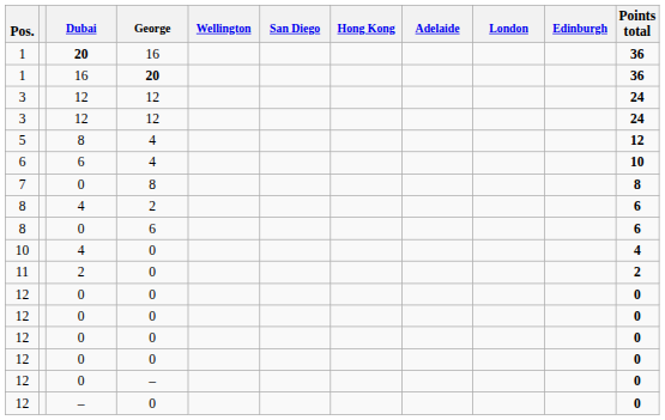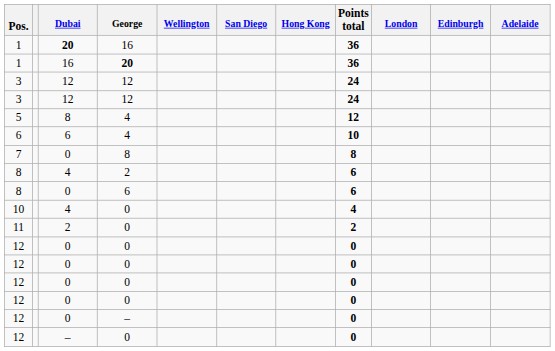 <table class="wikitable" style="text-align:center;">
 <tr>
 <th style="width:2em;"><br>Pos.</th>
 <th></th>
 <th style="width:5.6em; vertical-align:top; font-size:85%;"><br><a href='#'>Dubai</a></th>
 <th style="width:5.6em; vertical-align:top; font-size:85%;"><br>George</th>
 <th style="width:5.6em; vertical-align:top; font-size:85%;"><br><a href='#'>Wellington</a></th>
 <th style="width:5.6em; vertical-align:top; font-size:85%;"><br><a href='#'>San Diego</a></th>
 <th style="width:5.6em; vertical-align:top; font-size:85%;"><br><a href='#'>Hong Kong</a></th>
-<th style="width:5.6em; vertical-align:top; font-size:85%;"><br><a href='#'>Adelaide</a></th>
+<th>Points<br>total</th>
 <th style="width:5.6em; vertical-align:top; font-size:85%;"><br><a href='#'>London</a></th>
 <th style="width:5.6em; vertical-align:top; font-size:85%;"><br><a href='#'>Edinburgh</a></th>
-<th>Points<br>total</th>
+<th style="width:5.6em; vertical-align:top; font-size:85%;"><br><a href='#'>Adelaide</a></th>
 </tr>
 <tr>
 <td>1</td>
 <td align=left></td>
 <td><strong>20</strong></td>
 <td>16</td>
 <td></td>
 <td></td>
 <td></td>
+<td><strong>36</strong></td>
 <td></td>
 <td></td>
 <td></td>
-<td><strong>36</strong></td>
 </tr>
 <tr>
 <td>1</td>
 <td align=left></td>
 <td>16</td>
 <td><strong>20</strong></td>
 <td></td>
 <td></td>
 <td></td>
+<td><strong>36</strong></td>
 <td></td>
 <td></td>
 <td></td>
-<td><strong>36</strong></td>
 </tr>
 <tr>
 <td>3</td>
 <td align=left></td>
 <td>12</td>
 <td>12</td>
 <td></td>
 <td></td>
 <td></td>
+<td><strong>24</strong></td>
 <td></td>
 <td></td>
 <td></td>
-<td><strong>24</strong></td>
 </tr>
 <tr>
 <td>3</td>
 <td align=left></td>
 <td>12</td>
 <td>12</td>
 <td></td>
 <td></td>
 <td></td>
+<td><strong>24</strong></td>
 <td></td>
 <td></td>
 <td></td>
-<td><strong>24</strong></td>
 </tr>
 <tr>
 <td>5</td>
 <td align=left></td>
 <td>8</td>
 <td>4</td>
 <td></td>
 <td></td>
 <td></td>
+<td><strong>12</strong></td>
 <td></td>
 <td></td>
 <td></td>
-<td><strong>12</strong></td>
 </tr>
 <tr>
 <td>6</td>
 <td align=left></td>
 <td>6</td>
 <td>4</td>
 <td></td>
 <td></td>
 <td></td>
+<td><strong>10</strong></td>
 <td></td>
 <td></td>
 <td></td>
-<td><strong>10</strong></td>
 </tr>
 <tr>
 <td>7</td>
 <td align=left></td>
 <td>0</td>
 <td>8</td>
 <td></td>
 <td></td>
 <td></td>
+<td><strong>8</strong></td>
 <td></td>
 <td></td>
 <td></td>
-<td><strong>8</strong></td>
 </tr>
 <tr>
 <td>8</td>
 <td align=left></td>
 <td>4</td>
 <td>2</td>
 <td></td>
 <td></td>
 <td></td>
+<td><strong>6</strong></td>
 <td></td>
 <td></td>
 <td></td>
-<td><strong>6</strong></td>
 </tr>
 <tr>
 <td>8</td>
 <td align=left></td>
 <td>0</td>
 <td>6</td>
 <td></td>
 <td></td>
 <td></td>
+<td><strong>6</strong></td>
 <td></td>
 <td></td>
 <td></td>
-<td><strong>6</strong></td>
 </tr>
 <tr>
 <td>10</td>
 <td align=left></td>
 <td>4</td>
 <td>0</td>
 <td></td>
 <td></td>
 <td></td>
+<td><strong>4</strong></td>
 <td></td>
 <td></td>
 <td></td>
-<td><strong>4</strong></td>
 </tr>
 <tr>
 <td>11</td>
 <td align=left></td>
 <td>2</td>
 <td>0</td>
 <td></td>
 <td></td>
 <td></td>
+<td><strong>2</strong></td>
 <td></td>
 <td></td>
 <td></td>
-<td><strong>2</strong></td>
 </tr>
 <tr>
 <td>12</td>
 <td align=left></td>
 <td>0</td>
 <td>0</td>
 <td></td>
 <td></td>
 <td></td>
+<td><strong>0</strong></td>
 <td></td>
 <td></td>
 <td></td>
-<td><strong>0</strong></td>
 </tr>
 <tr>
 <td>12</td>
 <td align=left></td>
 <td>0</td>
 <td>0</td>
 <td></td>
 <td></td>
 <td></td>
+<td><strong>0</strong></td>
 <td></td>
 <td></td>
 <td></td>
-<td><strong>0</strong></td>
 </tr>
 <tr>
 <td>12</td>
 <td align=left></td>
 <td>0</td>
 <td>0</td>
 <td></td>
 <td></td>
 <td></td>
+<td><strong>0</strong></td>
 <td></td>
 <td></td>
 <td></td>
-<td><strong>0</strong></td>
 </tr>
 <tr>
 <td>12</td>
 <td align=left></td>
 <td>0</td>
 <td>0</td>
 <td></td>
 <td></td>
 <td></td>
+<td><strong>0</strong></td>
 <td></td>
 <td></td>
 <td></td>
-<td><strong>0</strong></td>
 </tr>
 <tr>
 <td>12</td>
 <td align=left></td>
 <td>0</td>
 <td>–</td>
 <td></td>
 <td></td>
 <td></td>
+<td><strong>0</strong></td>
 <td></td>
 <td></td>
 <td></td>
-<td><strong>0</strong></td>
 </tr>
 <tr>
 <td>12</td>
 <td align=left></td>
 <td>–</td>
 <td>0</td>
 <td></td>
 <td></td>
 <td></td>
+<td><strong>0</strong></td>
 <td></td>
 <td></td>
 <td></td>
-<td><strong>0</strong></td>
 </tr>
 </table>
